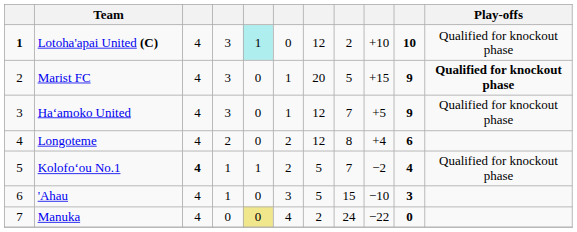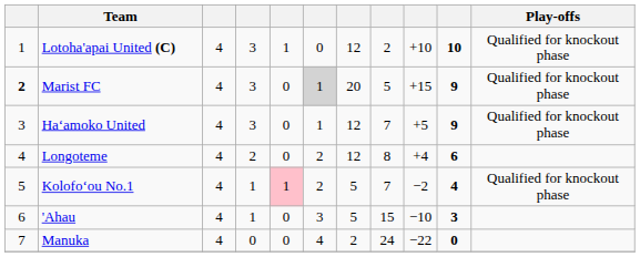 <table class="wikitable" style="text-align: center;">
 <tr>
 <th width=30></th>
 <th width=175>Team</th>
 <th width=30></th>
 <th width=30></th>
 <th width=30></th>
 <th width=30></th>
 <th width=30></th>
 <th width=30></th>
 <th width=30></th>
 <th width=30></th>
 <th width=175>Play-offs</th>
 </tr>
 <tr bc=#D0F0C0>
-<td><strong>1</strong></td>
+<td>1</td>
 <td align=left><a href='#'>Lotoha'apai United</a> <strong>(C)</strong></td>
 <td>4</td>
 <td>3</td>
-<td style="background: paleturquoise;">1</td>
+<td>1</td>
 <td>0</td>
 <td>12</td>
 <td>2</td>
 <td>+10</td>
 <td><strong>10</strong></td>
 <td>Qualified for knockout phase</td>
 </tr>
 <tr>
-<td>2</td>
+<td><strong>2</strong></td>
 <td align=left><a href='#'>Marist FC</a></td>
 <td>4</td>
 <td>3</td>
 <td>0</td>
-<td>1</td>
+<td style="background: lightgrey;">1</td>
 <td>20</td>
 <td>5</td>
 <td>+15</td>
 <td><strong>9</strong></td>
-<td><strong>Qualified for knockout phase</strong></td>
+<td>Qualified for knockout phase</td>
 </tr>
 <tr>
 <td>3</td>
 <td align=left><a href='#'>Haʻamoko United</a></td>
 <td>4</td>
 <td>3</td>
 <td>0</td>
 <td>1</td>
 <td>12</td>
 <td>7</td>
 <td>+5</td>
 <td><strong>9</strong></td>
 <td>Qualified for knockout phase</td>
 </tr>
 <tr>
 <td>4</td>
 <td align=left><a href='#'>Longoteme</a></td>
 <td>4</td>
 <td>2</td>
 <td>0</td>
 <td>2</td>
 <td>12</td>
 <td>8</td>
 <td>+4</td>
 <td><strong>6</strong></td>
 <td></td>
 </tr>
 <tr>
 <td>5</td>
 <td align=left><a href='#'>Kolofoʻou No.1</a></td>
-<td><strong>4</strong></td>
+<td>4</td>
 <td>1</td>
-<td>1</td>
+<td style="background: pink;">1</td>
 <td>2</td>
 <td>5</td>
 <td>7</td>
 <td>−2</td>
 <td><strong>4</strong></td>
 <td>Qualified for knockout phase</td>
 </tr>
 <tr>
 <td>6</td>
 <td align=left><a href='#'>'Ahau</a></td>
 <td>4</td>
 <td>1</td>
 <td>0</td>
 <td>3</td>
 <td>5</td>
 <td>15</td>
 <td>−10</td>
 <td><strong>3</strong></td>
 <td></td>
 </tr>
 <tr>
 <td>7</td>
 <td align=left><a href='#'>Manuka</a></td>
 <td>4</td>
 <td>0</td>
-<td style="background: khaki;">0</td>
+<td>0</td>
 <td>4</td>
 <td>2</td>
 <td>24</td>
 <td>−22</td>
 <td><strong>0</strong></td>
 <td></td>
 </tr>
 <tr>
 </tr>
 </table>
